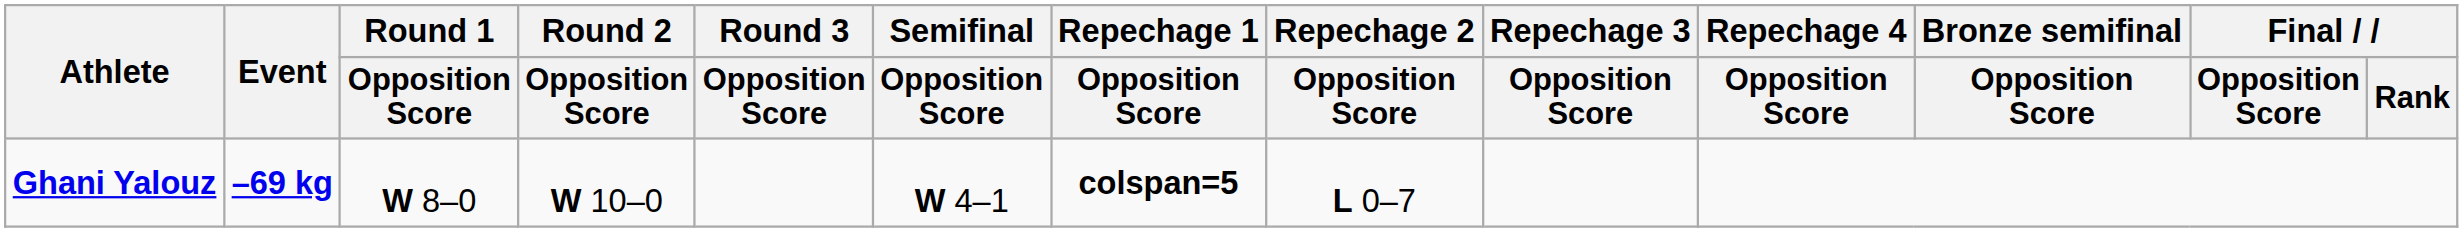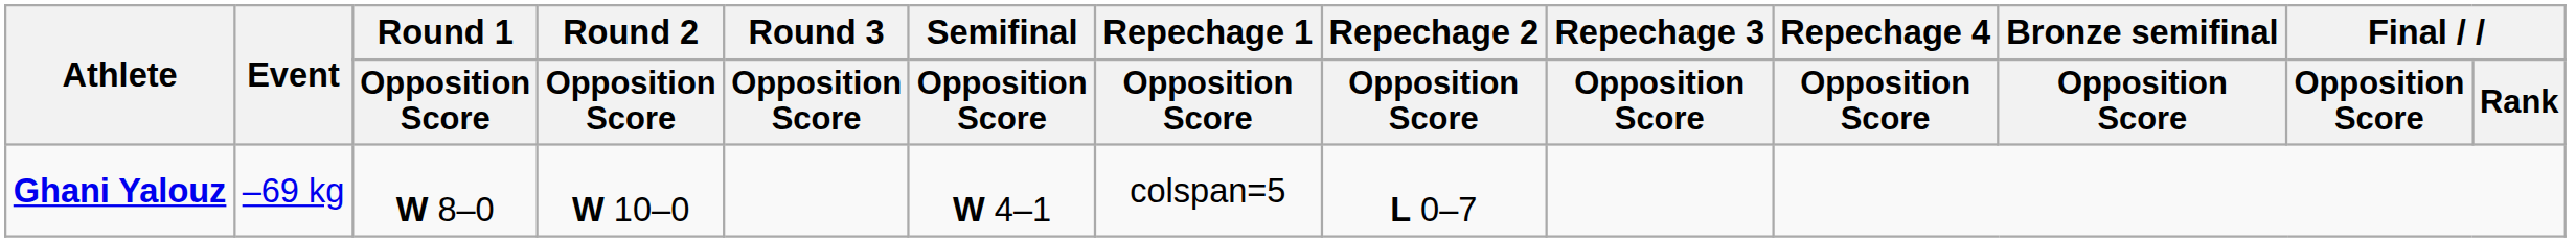 <table class=wikitable style=font-size:90%;text-align:center>
 <tr>
 <th rowspan=2>Athlete</th>
 <th rowspan=2>Event</th>
 <th>Round 1</th>
 <th>Round 2</th>
 <th>Round 3</th>
 <th>Semifinal</th>
 <th>Repechage 1</th>
 <th>Repechage 2</th>
 <th>Repechage 3</th>
 <th>Repechage 4</th>
 <th>Bronze semifinal</th>
 <th colspan=2>Final /  / </th>
 </tr>
 <tr style=font-size:95%>
 <th>Opposition<br>Score</th>
 <th>Opposition<br>Score</th>
 <th>Opposition<br>Score</th>
 <th>Opposition<br>Score</th>
 <th>Opposition<br>Score</th>
 <th>Opposition<br>Score</th>
 <th>Opposition<br>Score</th>
 <th>Opposition<br>Score</th>
 <th>Opposition<br>Score</th>
 <th>Opposition<br>Score</th>
 <th>Rank</th>
 </tr>
 <tr>
 <td align=left><strong><a href='#'>Ghani Yalouz</a></strong></td>
-<td align=left><strong><a href='#'>–69 kg</a></strong></td>
+<td align=left><a href='#'>–69 kg</a></td>
 <td><br><strong>W</strong> 8–0</td>
 <td><br><strong>W</strong> 10–0</td>
 <td></td>
 <td><br><strong>W</strong> 4–1</td>
-<td><strong>colspan=5</strong></td>
+<td>colspan=5</td>
 <td><br><strong>L</strong> 0–7</td>
 <td></td>
 </tr>
 </table>
